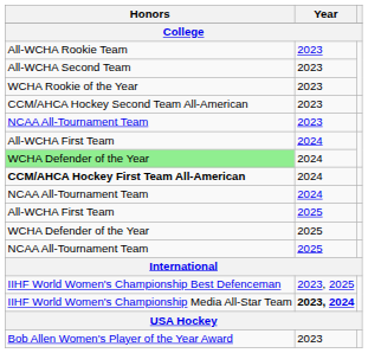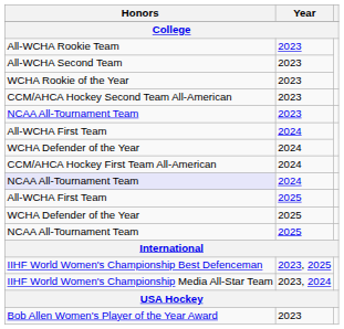 <table class="wikitable">
 <tr>
 <th>Honors</th>
 <th>Year</th>
 <th></th>
 </tr>
 <tr>
 </tr>
 <tr>
 <th colspan="3"><a href='#'>College</a></th>
 </tr>
 <tr>
 <td>All-WCHA Rookie Team</td>
 <td><a href='#'>2023</a></td>
 <td rowspan="3"></td>
 </tr>
 <tr>
 <td>All-WCHA Second Team</td>
 <td>2023</td>
 </tr>
 <tr>
 <td>WCHA Rookie of the Year</td>
 <td>2023</td>
 </tr>
 <tr>
 <td>CCM/AHCA Hockey Second Team All-American</td>
 <td>2023</td>
 <td></td>
 </tr>
 <tr>
 <td><a href='#'>NCAA All-Tournament Team</a></td>
 <td><a href='#'>2023</a></td>
 <td></td>
 </tr>
 <tr>
 <td>All-WCHA First Team</td>
 <td><a href='#'>2024</a></td>
 <td rowspan="2"></td>
 </tr>
 <tr>
-<td style="background: lightgreen;">WCHA Defender of the Year</td>
+<td>WCHA Defender of the Year</td>
 <td>2024</td>
 </tr>
 <tr>
-<td><strong>CCM/AHCA Hockey First Team All-American</strong></td>
+<td>CCM/AHCA Hockey First Team All-American</td>
 <td>2024</td>
 <td></td>
 </tr>
 <tr>
-<td>NCAA All-Tournament Team</td>
+<td style="background: lavender;">NCAA All-Tournament Team</td>
 <td><a href='#'>2024</a></td>
 <td></td>
 </tr>
 <tr>
 <td>All-WCHA First Team</td>
 <td><a href='#'>2025</a></td>
 <td></td>
 </tr>
 <tr>
 <td>WCHA Defender of the Year</td>
 <td>2025</td>
 <td></td>
 </tr>
 <tr>
 <td>NCAA All-Tournament Team</td>
 <td><a href='#'>2025</a></td>
 <td></td>
 </tr>
 <tr>
 <th colspan="3"><a href='#'>International</a></th>
 </tr>
 <tr>
 <td><a href='#'>IIHF World Women's Championship Best Defenceman</a></td>
 <td><a href='#'>2023</a>, <a href='#'>2025</a></td>
 <td rowspan="2"><br><br></td>
 </tr>
 <tr>
 <td><a href='#'>IIHF World Women's Championship</a> Media All-Star Team</td>
-<td><strong>2023, <a href='#'>2024</a></strong></td>
+<td>2023, <a href='#'>2024</a></td>
 </tr>
 <tr>
 <th colspan="3"><a href='#'>USA Hockey</a></th>
 </tr>
 <tr>
 <td><a href='#'>Bob Allen Women's Player of the Year Award</a></td>
 <td>2023</td>
 <td></td>
 </tr>
 </table>
